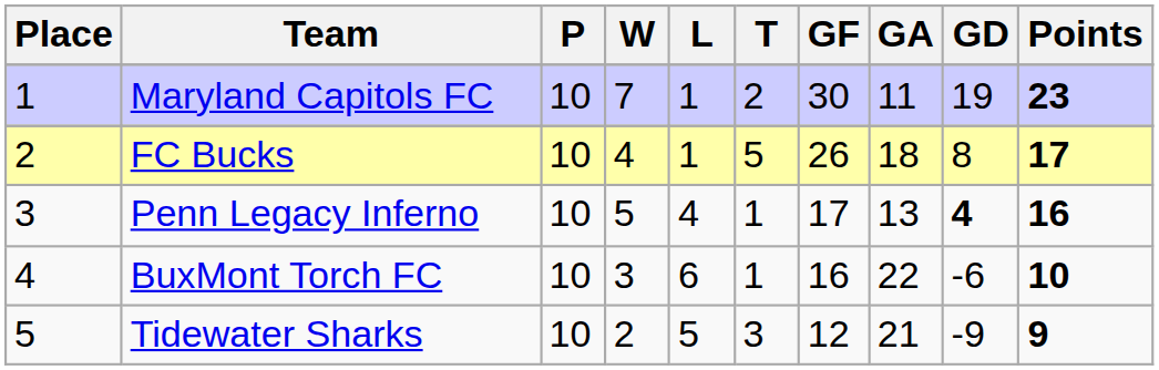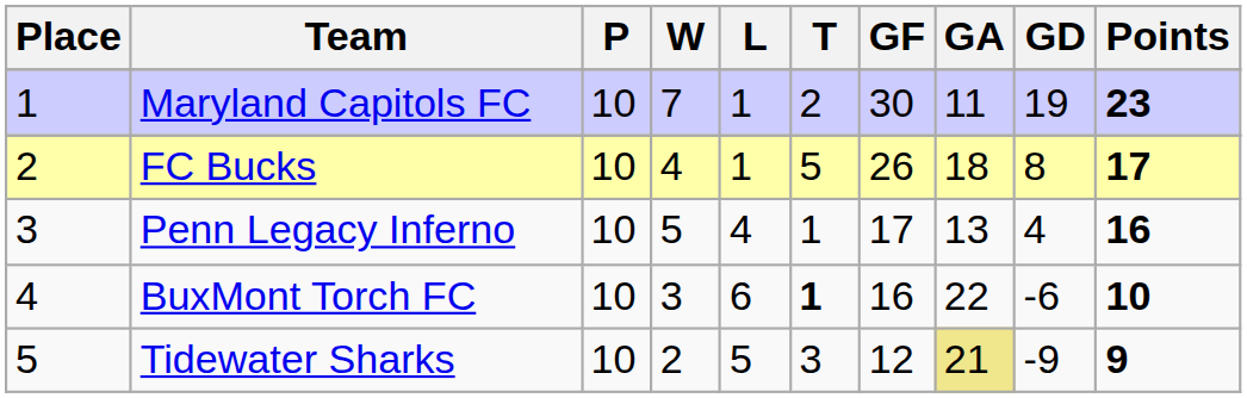 <table class="wikitable">
 <tr>
 <th>Place</th>
 <th width="170">Team</th>
 <th width="20">P</th>
 <th width="20">W</th>
 <th width="20">L</th>
 <th width="20">T</th>
 <th width="20">GF</th>
 <th width="20">GA</th>
 <th width="25">GD</th>
 <th>Points</th>
 </tr>
 <tr>
 </tr>
 <tr bgcolor=#ccccff>
 <td>1</td>
 <td><a href='#'>Maryland Capitols FC</a></td>
 <td>10</td>
 <td>7</td>
 <td>1</td>
 <td>2</td>
 <td>30</td>
 <td>11</td>
 <td>19</td>
 <td><strong>23</strong></td>
 </tr>
 <tr>
 </tr>
 <tr bgcolor=#ffffaa>
 <td>2</td>
 <td><a href='#'>FC Bucks</a></td>
 <td>10</td>
 <td>4</td>
 <td>1</td>
 <td>5</td>
 <td>26</td>
 <td>18</td>
 <td>8</td>
 <td><strong>17</strong></td>
 </tr>
 <tr>
 <td>3</td>
 <td><a href='#'>Penn Legacy Inferno</a></td>
 <td>10</td>
 <td>5</td>
 <td>4</td>
 <td>1</td>
 <td>17</td>
 <td>13</td>
-<td><strong>4</strong></td>
+<td>4</td>
 <td><strong>16</strong></td>
 </tr>
 <tr>
 <td>4</td>
 <td><a href='#'>BuxMont Torch FC</a></td>
 <td>10</td>
 <td>3</td>
 <td>6</td>
-<td>1</td>
+<td><strong>1</strong></td>
 <td>16</td>
 <td>22</td>
 <td>-6</td>
 <td><strong>10</strong></td>
 </tr>
 <tr>
 <td>5</td>
 <td><a href='#'>Tidewater Sharks</a></td>
 <td>10</td>
 <td>2</td>
 <td>5</td>
 <td>3</td>
 <td>12</td>
-<td>21</td>
+<td style="background: khaki;">21</td>
 <td>-9</td>
 <td><strong>9</strong></td>
 </tr>
 </table>
